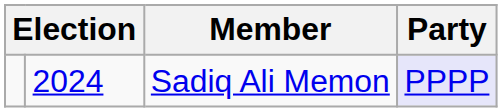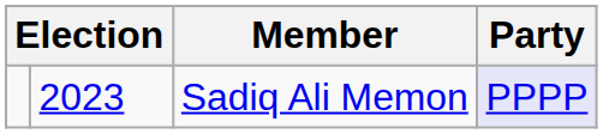 <table class="wikitable">
 <tr>
 <th colspan="2">Election</th>
 <th>Member</th>
 <th>Party</th>
 </tr>
 <tr>
 <td style="background-color: "></td>
-<td><a href='#'>2024</a></td>
+<td><a href='#'>2023</a></td>
 <td><a href='#'>Sadiq Ali Memon</a></td>
 <td style="background: lavender;"><a href='#'>PPPP</a></td>
 </tr>
 </table>
